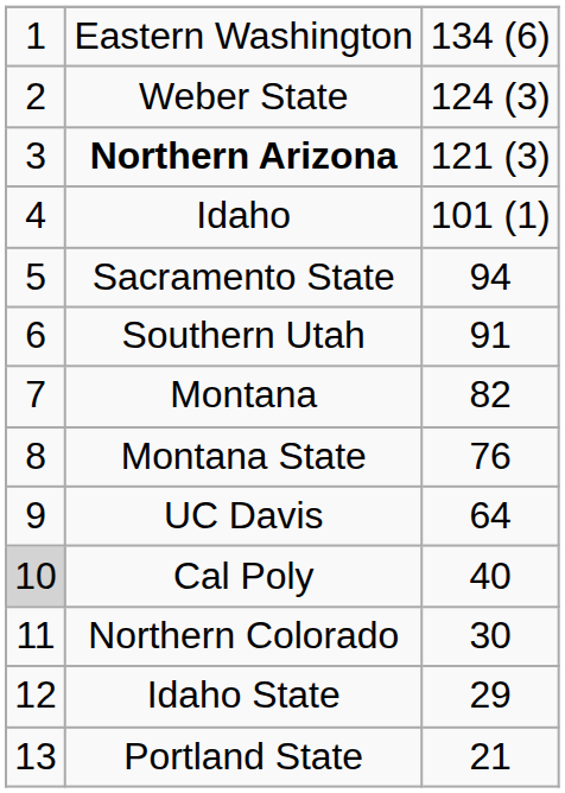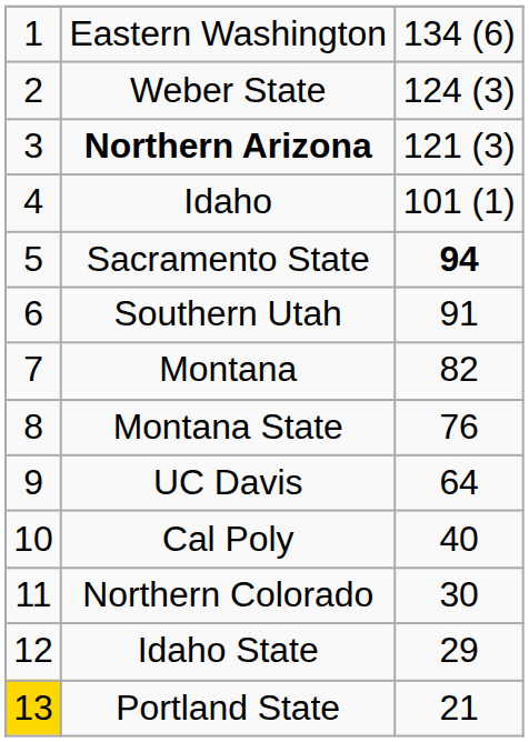 <table class="wikitable" style="display: inline-table;">
 <tr align="center">
 </tr>
 <tr align="center">
 <td>1</td>
 <td>Eastern Washington</td>
 <td>134 (6)</td>
 </tr>
 <tr align="center">
 <td>2</td>
 <td>Weber State</td>
 <td>124 (3)</td>
 </tr>
 <tr align="center">
 <td>3</td>
 <td><strong>Northern Arizona</strong></td>
 <td>121 (3)</td>
 </tr>
 <tr align="center">
 <td>4</td>
 <td>Idaho</td>
 <td>101 (1)</td>
 </tr>
 <tr align="center">
 <td>5</td>
 <td>Sacramento State</td>
-<td>94</td>
+<td><strong>94</strong></td>
 </tr>
 <tr align="center">
 <td>6</td>
 <td>Southern Utah</td>
 <td>91</td>
 </tr>
 <tr align="center">
 <td>7</td>
 <td>Montana</td>
 <td>82</td>
 </tr>
 <tr align="center">
 <td>8</td>
 <td>Montana State</td>
 <td>76</td>
 </tr>
 <tr align="center">
 <td>9</td>
 <td>UC Davis</td>
 <td>64</td>
 </tr>
 <tr align="center">
-<td style="background: lightgrey;">10</td>
+<td>10</td>
 <td>Cal Poly</td>
 <td>40</td>
 </tr>
 <tr align="center">
 <td>11</td>
 <td>Northern Colorado</td>
 <td>30</td>
 </tr>
 <tr align="center">
 <td>12</td>
 <td>Idaho State</td>
 <td>29</td>
 </tr>
 <tr align="center">
-<td>13</td>
+<td style="background: gold;">13</td>
 <td>Portland State</td>
 <td>21</td>
 </tr>
 </table>
